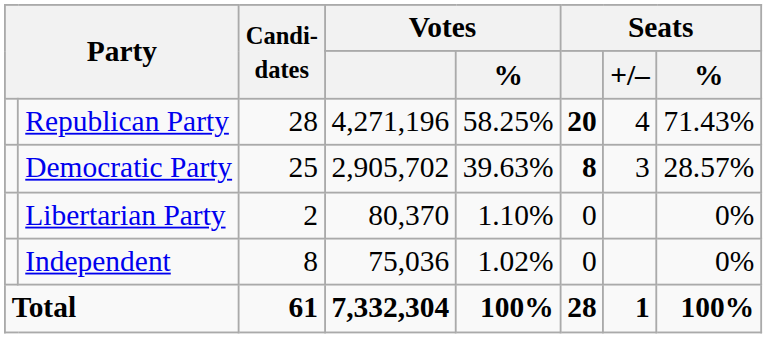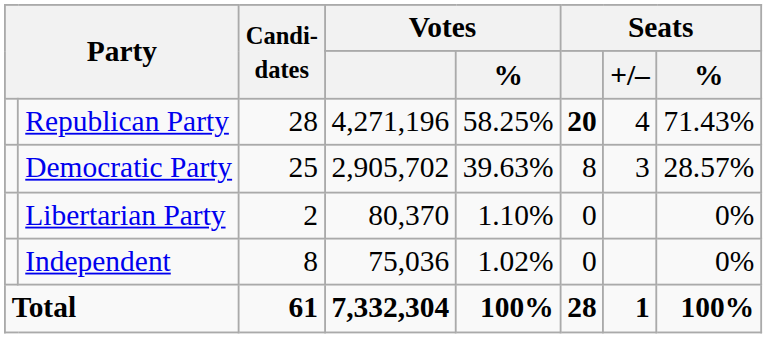 <table class="wikitable" style="font-size:100%; text-align:right;">
 <tr>
 <th colspan=2 rowspan=2>Party</th>
 <th rowspan=2><small>Candi-<br>dates</small></th>
 <th colspan=2>Votes</th>
 <th colspan=3>Seats</th>
 </tr>
 <tr>
 <th></th>
 <th>%</th>
 <th></th>
 <th>+/–</th>
 <th>%</th>
 </tr>
 <tr>
 <td style="background:"></td>
 <td align=left><a href='#'>Republican Party</a></td>
 <td>28</td>
 <td>4,271,196</td>
 <td>58.25%</td>
 <td><strong>20</strong></td>
 <td> 4</td>
 <td>71.43%</td>
 </tr>
 <tr>
 <td style="background:"></td>
 <td align=left><a href='#'>Democratic Party</a></td>
 <td>25</td>
 <td>2,905,702</td>
 <td>39.63%</td>
-<td><strong>8</strong></td>
+<td>8</td>
 <td> 3</td>
 <td>28.57%</td>
 </tr>
 <tr>
 <td style="background:"></td>
 <td align=left><a href='#'>Libertarian Party</a></td>
 <td>2</td>
 <td>80,370</td>
 <td>1.10%</td>
 <td>0</td>
 <td></td>
 <td>0%</td>
 </tr>
 <tr>
 <td style="background:"></td>
 <td align=left><a href='#'>Independent</a></td>
 <td>8</td>
 <td>75,036</td>
 <td>1.02%</td>
 <td>0</td>
 <td></td>
 <td>0%</td>
 </tr>
 <tr style="font-weight:bold">
 <td colspan=2 align=left>Total</td>
 <td>61</td>
 <td>7,332,304</td>
 <td>100%</td>
 <td>28</td>
 <td> 1</td>
 <td>100%</td>
 </tr>
 </table>
